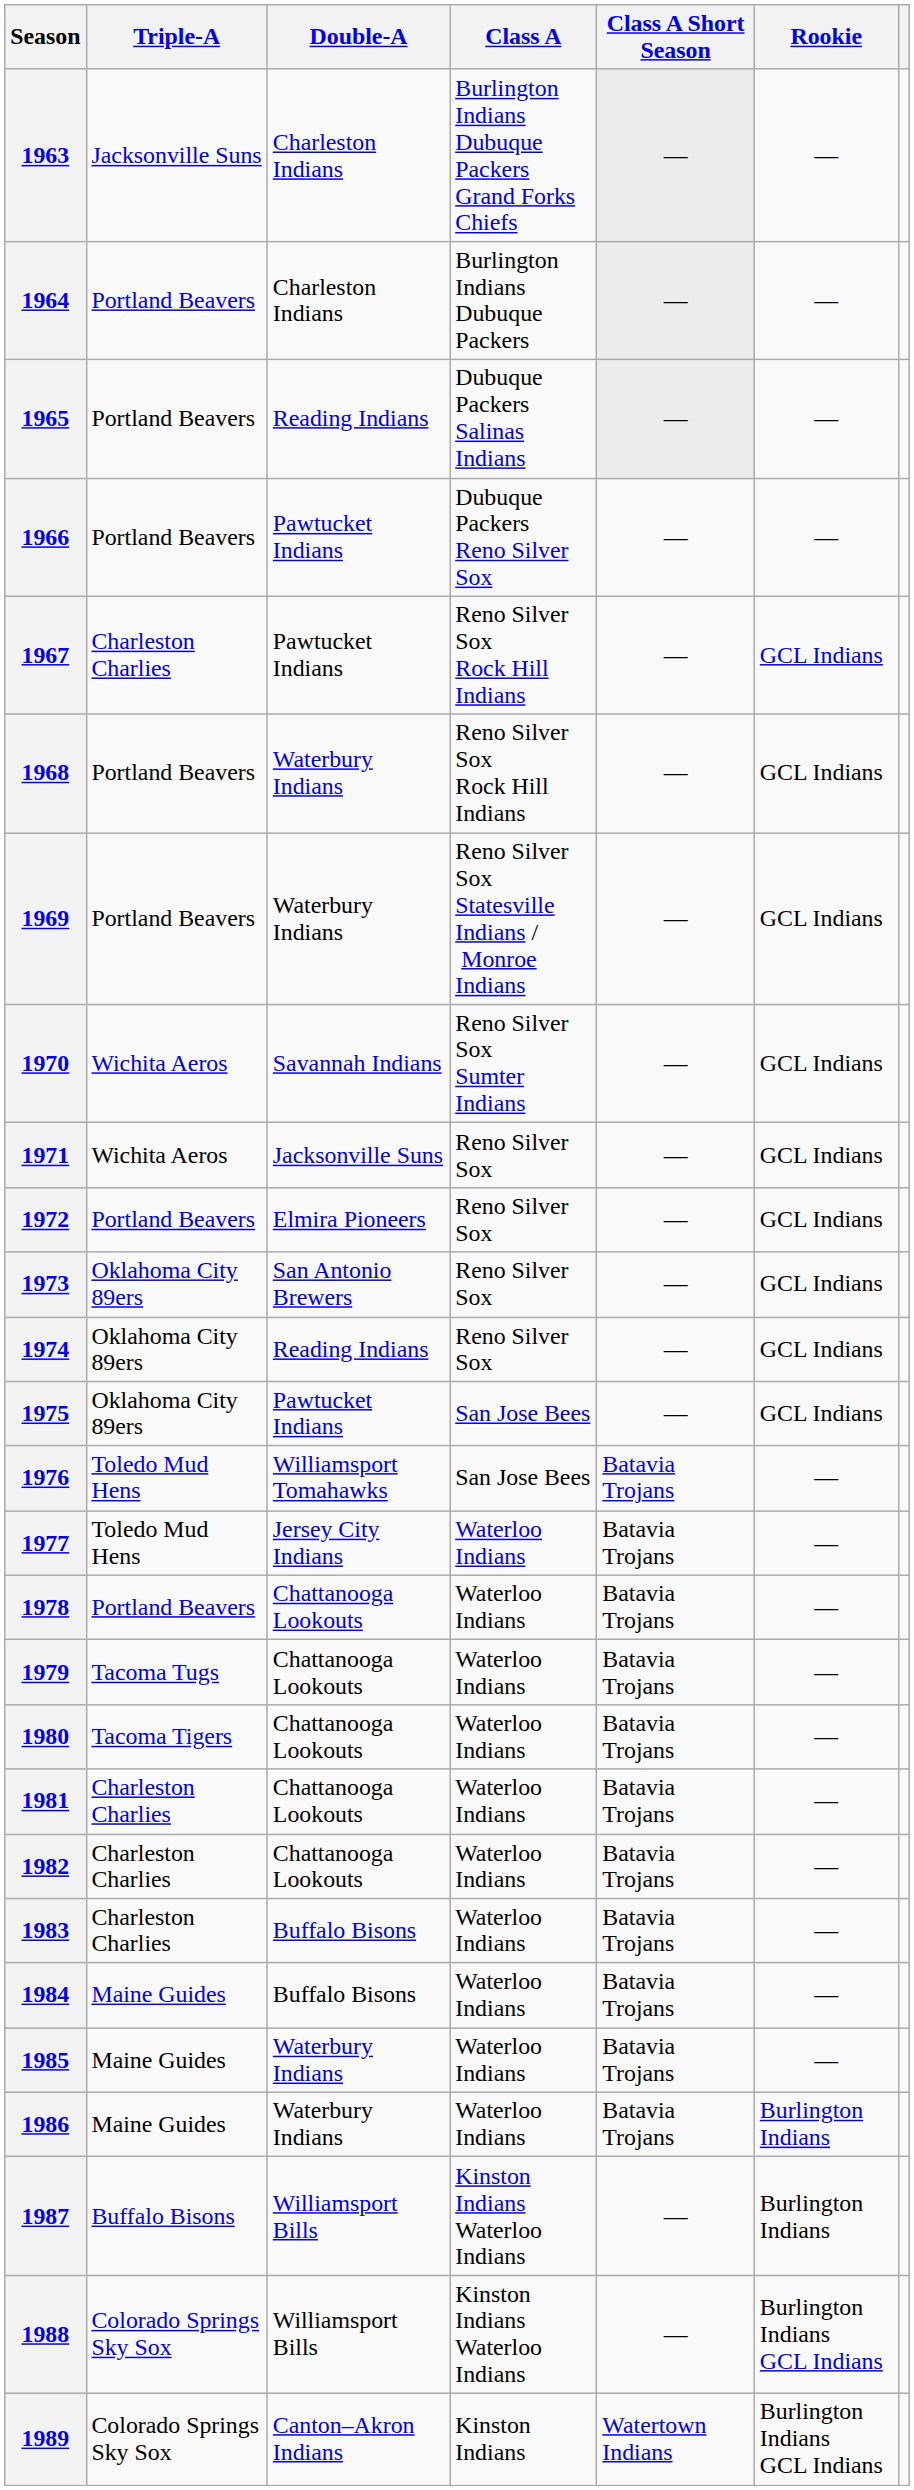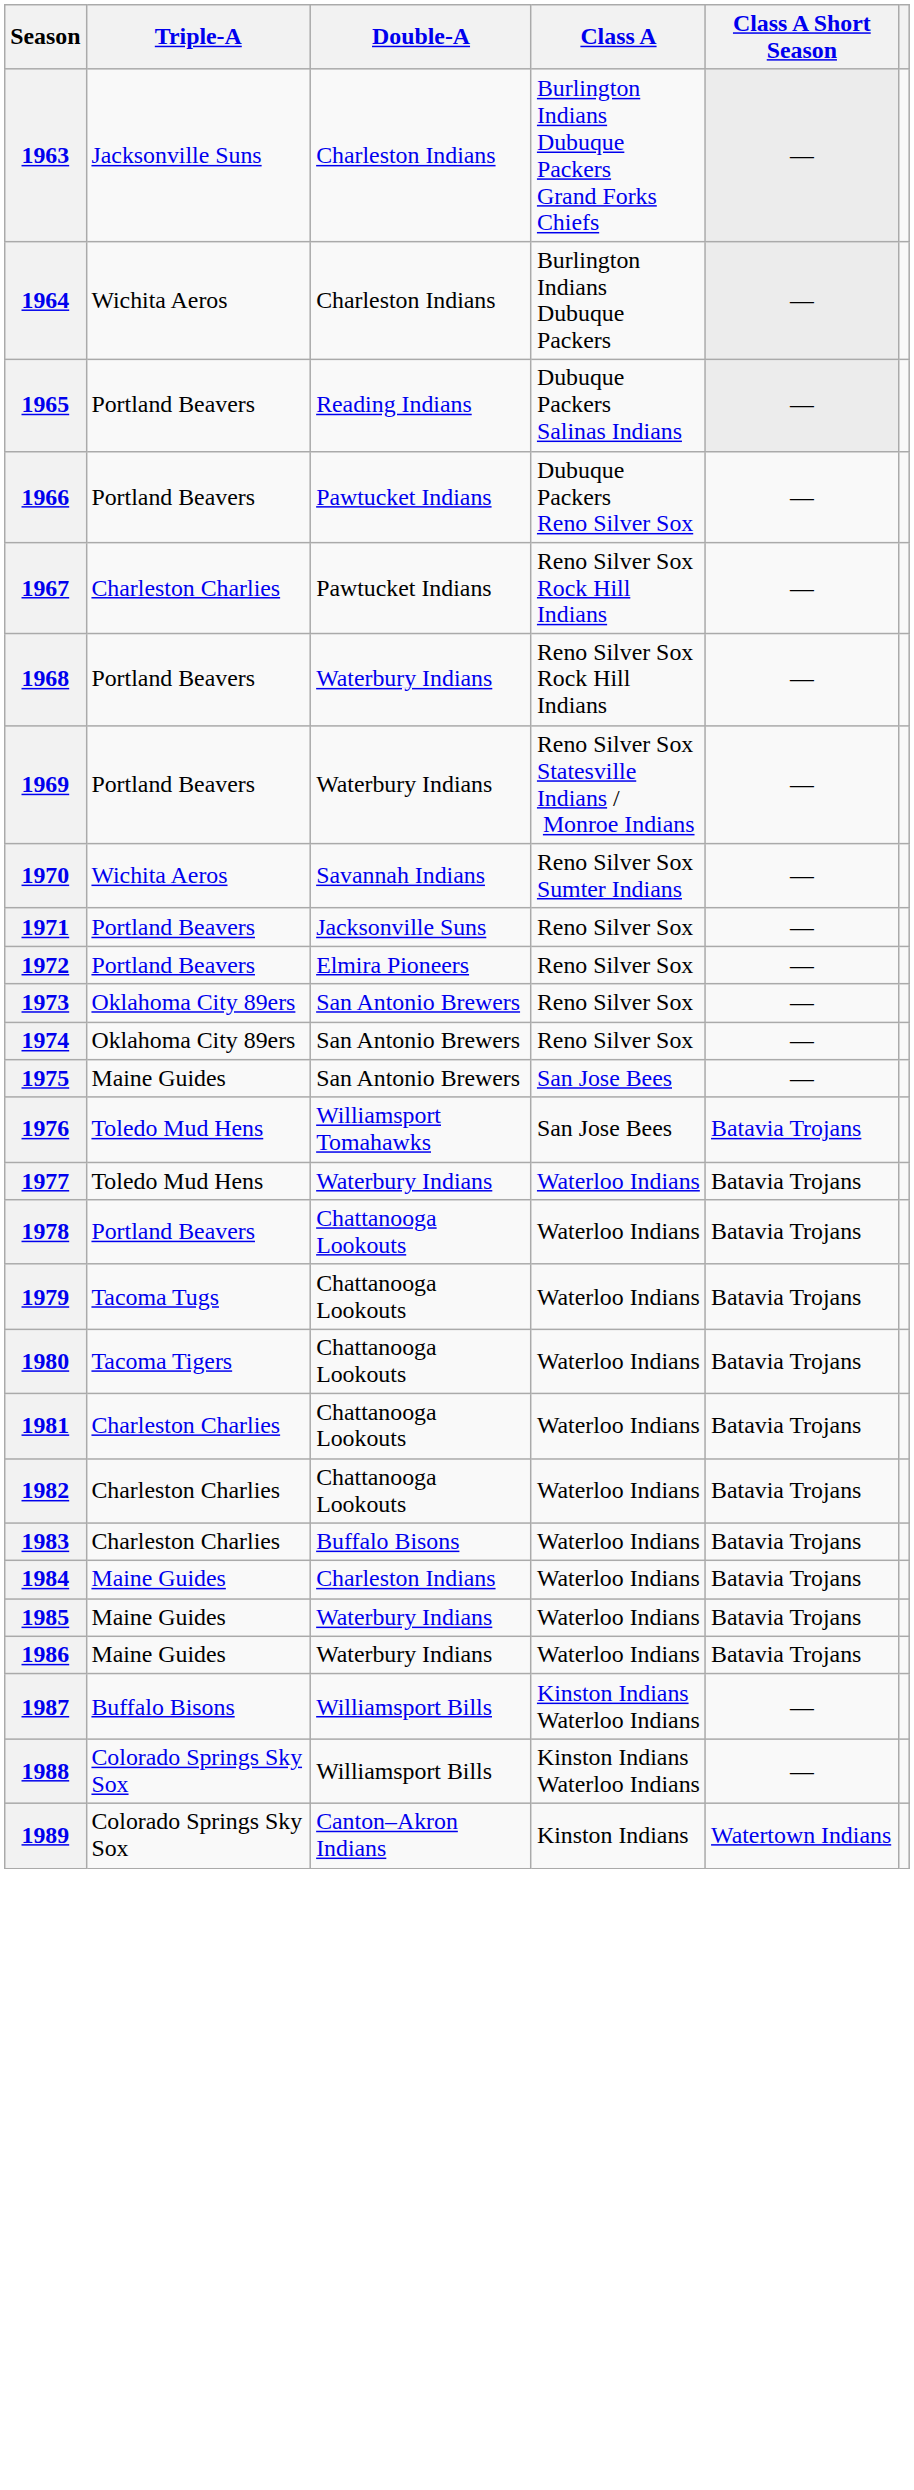 <table class="wikitable plainrowheaders">
 <tr>
 <th scope="col">Season</th>
 <th scope="col"><a href='#'><span>Triple-A</span></a></th>
 <th scope="col"><a href='#'><span>Double-A</span></a></th>
 <th scope="col"><a href='#'><span>Class A</span></a></th>
 <th scope="col"><a href='#'><span>Class A Short Season</span></a></th>
-<th scope="col"><a href='#'><span>Rookie</span></a></th>
 <th scope="col"></th>
 </tr>
 <tr>
 <th scope="row" style="text-align:center"><a href='#'>1963</a></th>
 <td><a href='#'>Jacksonville Suns</a></td>
 <td><a href='#'>Charleston Indians</a></td>
 <td><a href='#'>Burlington Indians</a><br><a href='#'>Dubuque Packers</a><br><a href='#'>Grand Forks Chiefs</a></td>
 <td style="background:#ececec" align="center">—</td>
-<td align="center">—</td>
 <td align="center"></td>
 </tr>
 <tr>
 <th scope="row" style="text-align:center"><a href='#'>1964</a></th>
-<td><a href='#'>Portland Beavers</a></td>
+<td>Wichita Aeros</td>
 <td>Charleston Indians</td>
 <td>Burlington Indians<br>Dubuque Packers</td>
 <td style="background:#ececec" align="center">—</td>
-<td align="center">—</td>
 <td align="center"></td>
 </tr>
 <tr>
 <th scope="row" style="text-align:center"><a href='#'>1965</a></th>
 <td>Portland Beavers</td>
 <td><a href='#'>Reading Indians</a></td>
 <td>Dubuque Packers<br><a href='#'>Salinas Indians</a></td>
 <td style="background:#ececec" align="center">—</td>
-<td align="center">—</td>
 <td align="center"></td>
 </tr>
 <tr>
 <th scope="row" style="text-align:center"><a href='#'>1966</a></th>
 <td>Portland Beavers</td>
 <td><a href='#'>Pawtucket Indians</a></td>
 <td>Dubuque Packers<br><a href='#'>Reno Silver Sox</a></td>
-<td align="center">—</td>
 <td align="center">—</td>
 <td align="center"></td>
 </tr>
 <tr>
 <th scope="row" style="text-align:center"><a href='#'>1967</a></th>
 <td><a href='#'>Charleston Charlies</a></td>
 <td>Pawtucket Indians</td>
 <td>Reno Silver Sox<br><a href='#'>Rock Hill Indians</a></td>
 <td align="center">—</td>
-<td><a href='#'>GCL Indians</a></td>
 <td align="center"></td>
 </tr>
 <tr>
 <th scope="row" style="text-align:center"><a href='#'>1968</a></th>
 <td>Portland Beavers</td>
 <td><a href='#'>Waterbury Indians</a></td>
 <td>Reno Silver Sox<br>Rock Hill Indians</td>
 <td align="center">—</td>
-<td>GCL Indians</td>
 <td align="center"></td>
 </tr>
 <tr>
 <th scope="row" style="text-align:center"><a href='#'>1969</a></th>
 <td>Portland Beavers</td>
 <td>Waterbury Indians</td>
 <td>Reno Silver Sox<br><a href='#'>Statesville Indians</a> /<br> <a href='#'>Monroe Indians</a></td>
 <td align="center">—</td>
-<td>GCL Indians</td>
 <td align="center"></td>
 </tr>
 <tr>
 <th scope="row" style="text-align:center"><a href='#'>1970</a></th>
 <td><a href='#'>Wichita Aeros</a></td>
 <td><a href='#'>Savannah Indians</a></td>
 <td>Reno Silver Sox<br><a href='#'>Sumter Indians</a></td>
 <td align="center">—</td>
-<td>GCL Indians</td>
 <td align="center"></td>
 </tr>
 <tr>
 <th scope="row" style="text-align:center"><a href='#'>1971</a></th>
-<td>Wichita Aeros</td>
+<td><a href='#'>Portland Beavers</a></td>
 <td><a href='#'>Jacksonville Suns</a></td>
 <td>Reno Silver Sox</td>
 <td align="center">—</td>
-<td>GCL Indians</td>
 <td align="center"></td>
 </tr>
 <tr>
 <th scope="row" style="text-align:center"><a href='#'>1972</a></th>
 <td><a href='#'>Portland Beavers</a></td>
 <td><a href='#'>Elmira Pioneers</a></td>
 <td>Reno Silver Sox</td>
 <td align="center">—</td>
-<td>GCL Indians</td>
 <td align="center"></td>
 </tr>
 <tr>
 <th scope="row" style="text-align:center"><a href='#'>1973</a></th>
 <td><a href='#'>Oklahoma City 89ers</a></td>
 <td><a href='#'>San Antonio Brewers</a></td>
 <td>Reno Silver Sox</td>
 <td align="center">—</td>
-<td>GCL Indians</td>
 <td align="center"></td>
 </tr>
 <tr>
 <th scope="row" style="text-align:center"><a href='#'>1974</a></th>
 <td>Oklahoma City 89ers</td>
-<td><a href='#'>Reading Indians</a></td>
+<td>San Antonio Brewers</td>
 <td>Reno Silver Sox</td>
 <td align="center">—</td>
-<td>GCL Indians</td>
 <td align="center"></td>
 </tr>
 <tr>
 <th scope="row" style="text-align:center"><a href='#'>1975</a></th>
-<td>Oklahoma City 89ers</td>
-<td><a href='#'>Pawtucket Indians</a></td>
+<td>Maine Guides</td>
+<td>San Antonio Brewers</td>
 <td><a href='#'>San Jose Bees</a></td>
 <td align="center">—</td>
-<td>GCL Indians</td>
 <td align="center"></td>
 </tr>
 <tr>
 <th scope="row" style="text-align:center"><a href='#'>1976</a></th>
 <td><a href='#'>Toledo Mud Hens</a></td>
 <td><a href='#'>Williamsport Tomahawks</a></td>
 <td>San Jose Bees</td>
 <td><a href='#'>Batavia Trojans</a></td>
-<td align="center">—</td>
 <td align="center"></td>
 </tr>
 <tr>
 <th scope="row" style="text-align:center"><a href='#'>1977</a></th>
 <td>Toledo Mud Hens</td>
-<td><a href='#'>Jersey City Indians</a></td>
+<td><a href='#'>Waterbury Indians</a></td>
 <td><a href='#'>Waterloo Indians</a></td>
 <td>Batavia Trojans</td>
-<td align="center">—</td>
 <td align="center"></td>
 </tr>
 <tr>
 <th scope="row" style="text-align:center"><a href='#'>1978</a></th>
 <td><a href='#'>Portland Beavers</a></td>
 <td><a href='#'>Chattanooga Lookouts</a></td>
 <td>Waterloo Indians</td>
 <td>Batavia Trojans</td>
-<td align="center">—</td>
 <td align="center"></td>
 </tr>
 <tr>
 <th scope="row" style="text-align:center"><a href='#'>1979</a></th>
 <td><a href='#'>Tacoma Tugs</a></td>
 <td>Chattanooga Lookouts</td>
 <td>Waterloo Indians</td>
 <td>Batavia Trojans</td>
-<td align="center">—</td>
 <td align="center"></td>
 </tr>
 <tr>
 <th scope="row" style="text-align:center"><a href='#'>1980</a></th>
 <td><a href='#'>Tacoma Tigers</a></td>
 <td>Chattanooga Lookouts</td>
 <td>Waterloo Indians</td>
 <td>Batavia Trojans</td>
-<td align="center">—</td>
 <td align="center"></td>
 </tr>
 <tr>
 <th scope="row" style="text-align:center"><a href='#'>1981</a></th>
 <td><a href='#'>Charleston Charlies</a></td>
 <td>Chattanooga Lookouts</td>
 <td>Waterloo Indians</td>
 <td>Batavia Trojans</td>
-<td align="center">—</td>
 <td align="center"></td>
 </tr>
 <tr>
 <th scope="row" style="text-align:center"><a href='#'>1982</a></th>
 <td>Charleston Charlies</td>
 <td>Chattanooga Lookouts</td>
 <td>Waterloo Indians</td>
 <td>Batavia Trojans</td>
-<td align="center">—</td>
 <td align="center"></td>
 </tr>
 <tr>
 <th scope="row" style="text-align:center"><a href='#'>1983</a></th>
 <td>Charleston Charlies</td>
 <td><a href='#'>Buffalo Bisons</a></td>
 <td>Waterloo Indians</td>
 <td>Batavia Trojans</td>
-<td align="center">—</td>
 <td align="center"></td>
 </tr>
 <tr>
 <th scope="row" style="text-align:center"><a href='#'>1984</a></th>
 <td><a href='#'>Maine Guides</a></td>
-<td>Buffalo Bisons</td>
+<td><a href='#'>Charleston Indians</a></td>
 <td>Waterloo Indians</td>
 <td>Batavia Trojans</td>
-<td align="center">—</td>
 <td align="center"></td>
 </tr>
 <tr>
 <th scope="row" style="text-align:center"><a href='#'>1985</a></th>
 <td>Maine Guides</td>
 <td><a href='#'>Waterbury Indians</a></td>
 <td>Waterloo Indians</td>
 <td>Batavia Trojans</td>
-<td align="center">—</td>
 <td align="center"></td>
 </tr>
 <tr>
 <th scope="row" style="text-align:center"><a href='#'>1986</a></th>
 <td>Maine Guides</td>
 <td>Waterbury Indians</td>
 <td>Waterloo Indians</td>
 <td>Batavia Trojans</td>
-<td><a href='#'>Burlington Indians</a></td>
 <td align="center"></td>
 </tr>
 <tr>
 <th scope="row" style="text-align:center"><a href='#'>1987</a></th>
 <td><a href='#'>Buffalo Bisons</a></td>
 <td><a href='#'>Williamsport Bills</a></td>
 <td><a href='#'>Kinston Indians</a><br>Waterloo Indians</td>
 <td align="center">—</td>
-<td>Burlington Indians</td>
 <td align="center"></td>
 </tr>
 <tr>
 <th scope="row" style="text-align:center"><a href='#'>1988</a></th>
 <td><a href='#'>Colorado Springs Sky Sox</a></td>
 <td>Williamsport Bills</td>
 <td>Kinston Indians<br>Waterloo Indians</td>
 <td align="center">—</td>
-<td>Burlington Indians<br><a href='#'>GCL Indians</a></td>
 <td align="center"></td>
 </tr>
 <tr>
 <th scope="row" style="text-align:center"><a href='#'>1989</a></th>
 <td>Colorado Springs Sky Sox</td>
 <td><a href='#'>Canton–Akron Indians</a></td>
 <td>Kinston Indians</td>
 <td><a href='#'>Watertown Indians</a></td>
-<td>Burlington Indians<br>GCL Indians</td>
 <td align="center"></td>
 </tr>
 </table>
